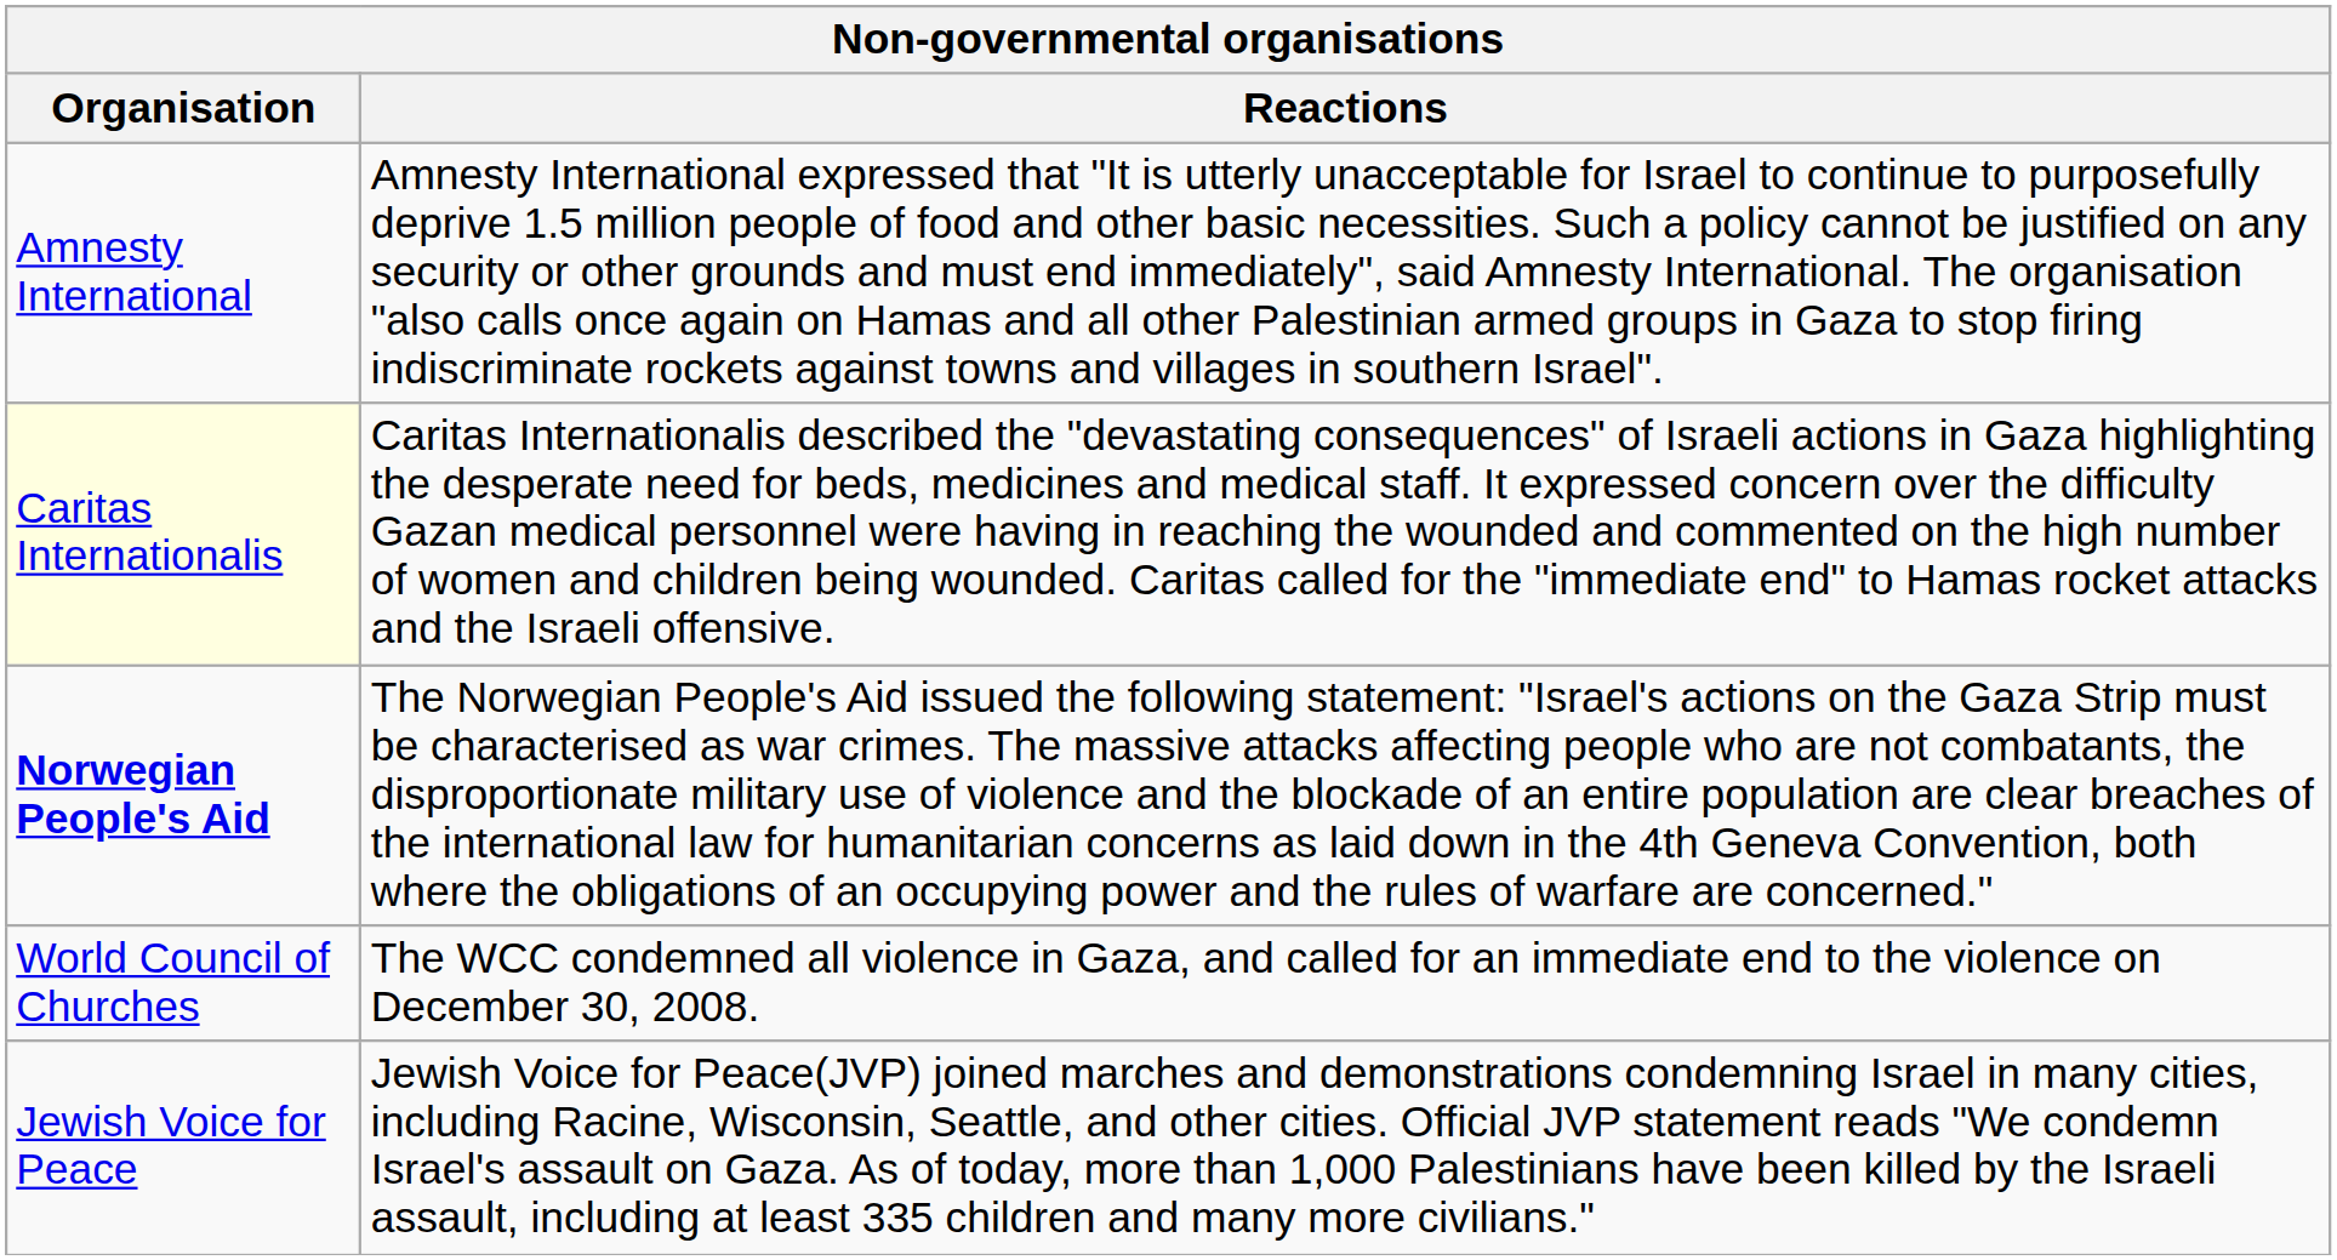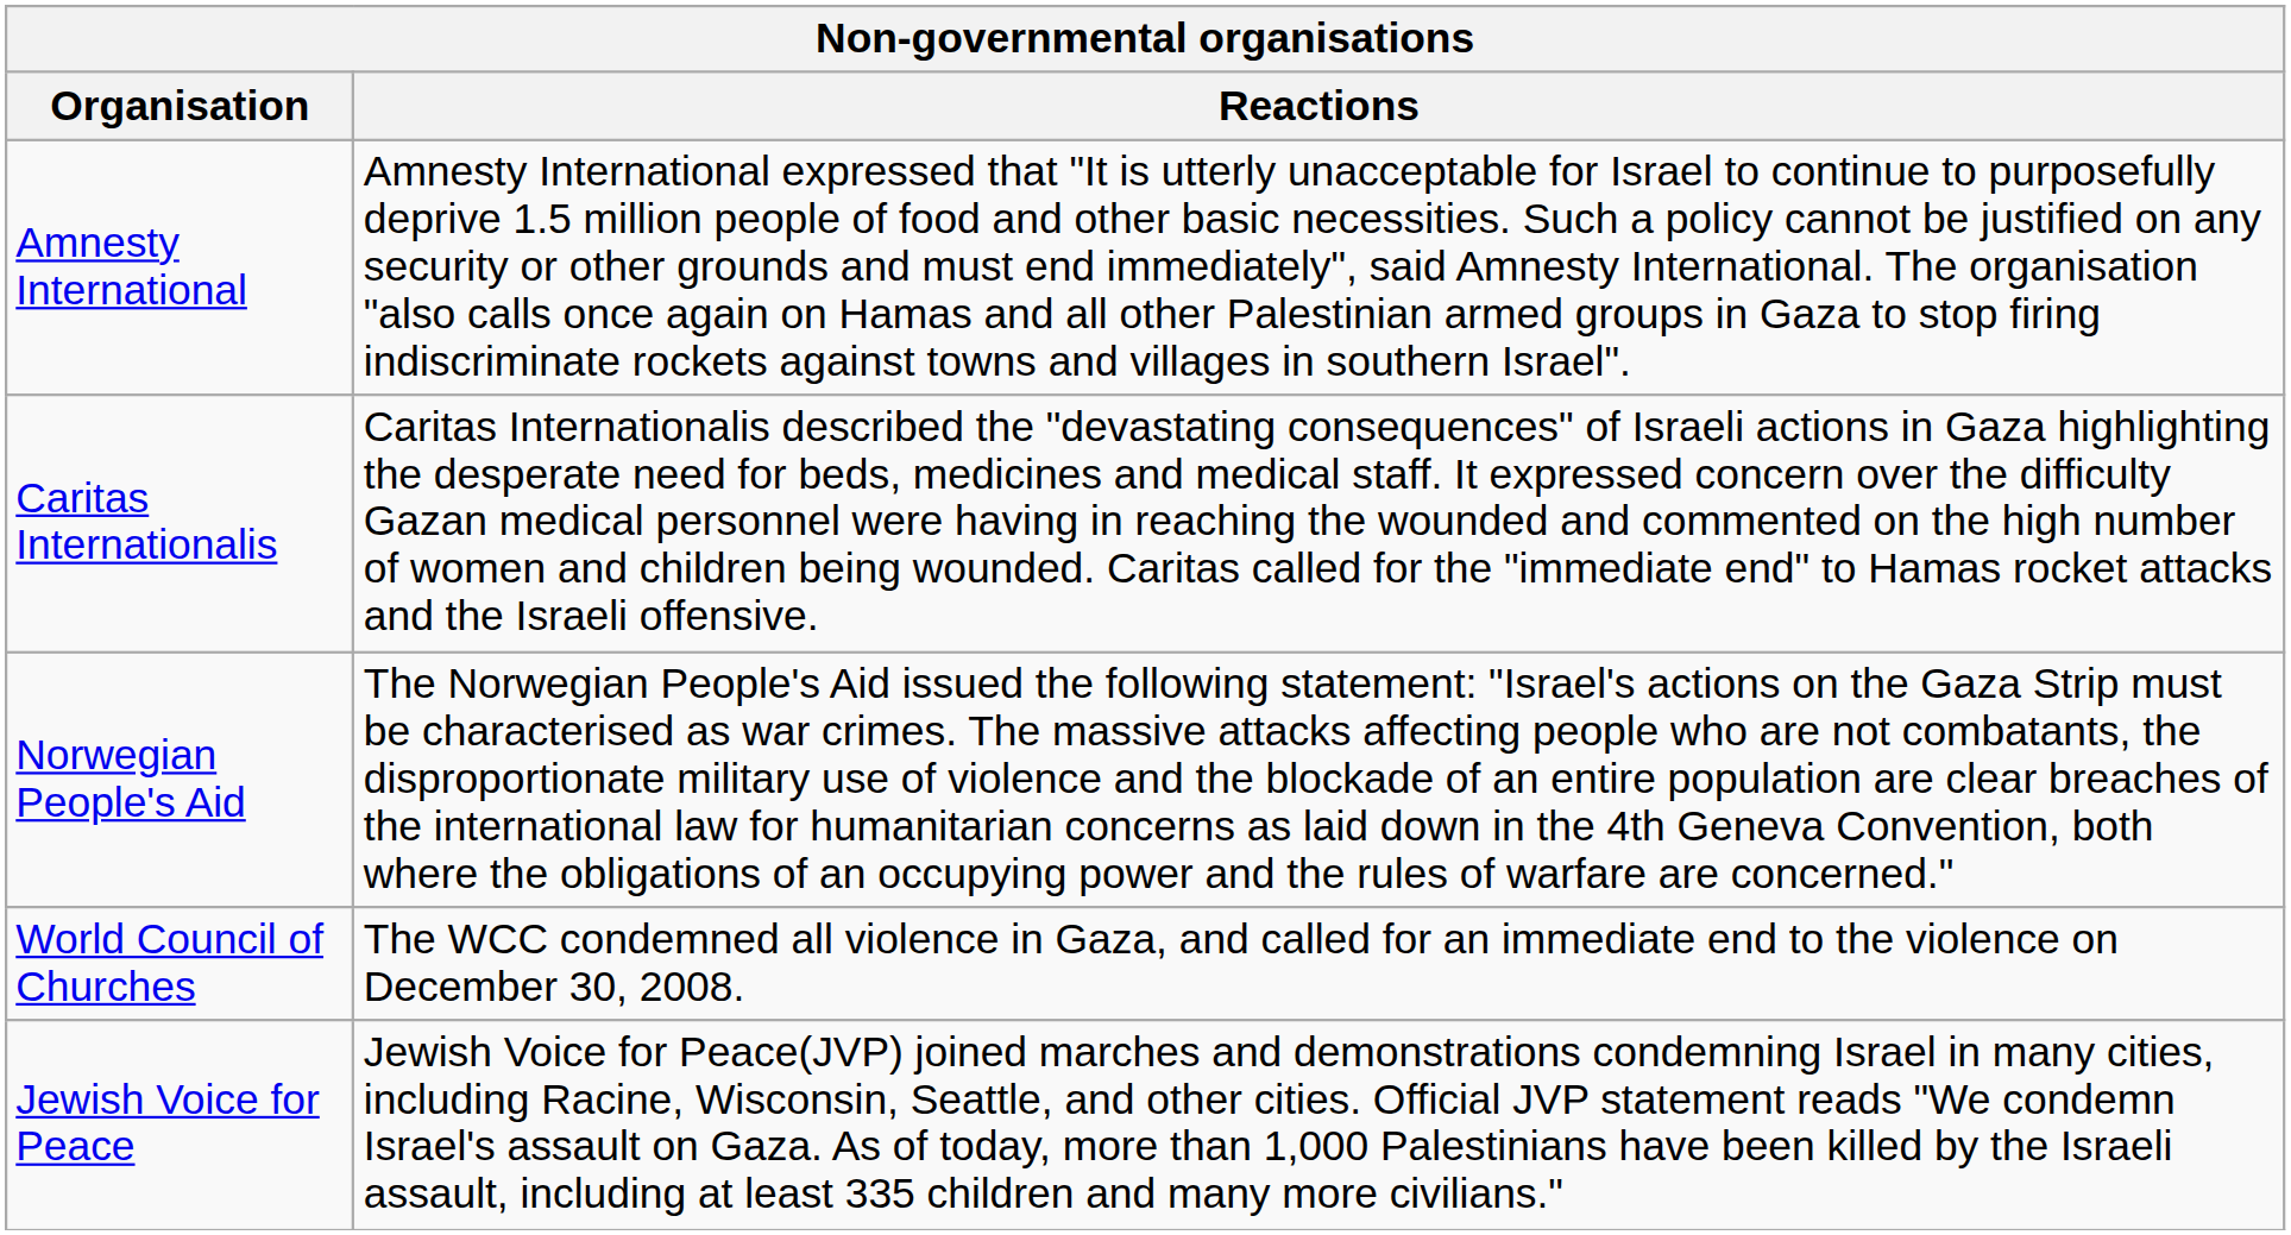 <table class="wikitable sortable collapsible collapsed">
 <tr>
 <th Colspan=2>Non-governmental organisations</th>
 </tr>
 <tr>
 <th style="width:125px;">Organisation</th>
 <th>Reactions</th>
 </tr>
 <tr>
 <td><a href='#'>Amnesty International</a></td>
 <td>Amnesty International expressed that "It is utterly unacceptable for Israel to continue to purposefully deprive 1.5 million people of food and other basic necessities. Such a policy cannot be justified on any security or other grounds and must end immediately", said Amnesty International. The organisation "also calls once again on Hamas and all other Palestinian armed groups in Gaza to stop firing indiscriminate rockets against towns and villages in southern Israel".</td>
 </tr>
 <tr>
-<td style="background: lightyellow;"><a href='#'>Caritas Internationalis</a></td>
+<td><a href='#'>Caritas Internationalis</a></td>
 <td>Caritas Internationalis described the "devastating consequences" of Israeli actions in Gaza highlighting the desperate need for beds, medicines and medical staff. It expressed concern over the difficulty Gazan medical personnel were having in reaching the wounded and commented on the high number of women and children being wounded. Caritas called for the "immediate end" to Hamas rocket attacks and the Israeli offensive.</td>
 </tr>
 <tr>
-<td><strong><a href='#'>Norwegian People's Aid</a></strong></td>
+<td><a href='#'>Norwegian People's Aid</a></td>
 <td>The Norwegian People's Aid issued the following statement: "Israel's actions on the Gaza Strip must be characterised as war crimes. The massive attacks affecting people who are not combatants, the disproportionate military use of violence and the blockade of an entire population are clear breaches of the international law for humanitarian concerns as laid down in the 4th Geneva Convention, both where the obligations of an occupying power and the rules of warfare are concerned."</td>
 </tr>
 <tr>
 <td><a href='#'>World Council of Churches</a></td>
 <td>The WCC condemned all violence in Gaza, and called for an immediate end to the violence on December 30, 2008.</td>
 </tr>
 <tr>
 <td><a href='#'>Jewish Voice for Peace</a></td>
 <td>Jewish Voice for Peace(JVP) joined marches and demonstrations condemning Israel in many cities, including Racine, Wisconsin, Seattle, and other cities. Official JVP statement reads "We condemn Israel's assault on Gaza. As of today, more than 1,000 Palestinians have been killed by the Israeli assault, including at least 335 children and many more civilians."</td>
 </tr>
 </table>
